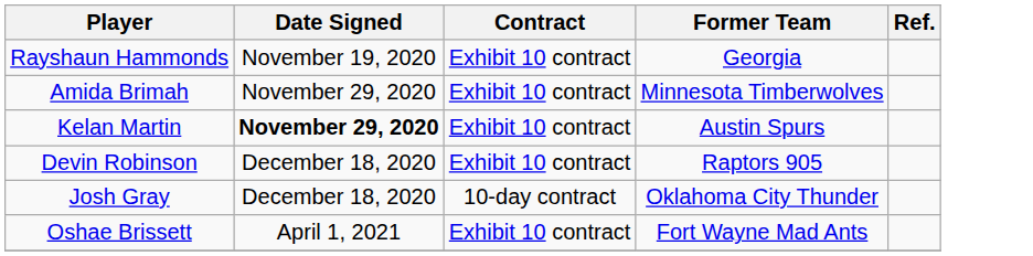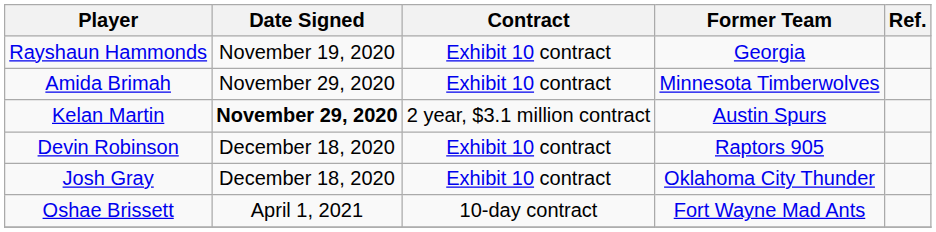 <table class="wikitable sortable sortable" style="text-align: center">
 <tr>
 <th>Player</th>
 <th>Date Signed</th>
 <th>Contract</th>
 <th>Former Team</th>
 <th>Ref.</th>
 </tr>
 <tr>
 <td><a href='#'>Rayshaun Hammonds</a></td>
 <td>November 19, 2020</td>
 <td><a href='#'>Exhibit 10</a> contract</td>
 <td><a href='#'>Georgia</a></td>
 <td></td>
 </tr>
 <tr>
 <td><a href='#'>Amida Brimah</a></td>
 <td>November 29, 2020</td>
 <td><a href='#'>Exhibit 10</a> contract</td>
 <td><a href='#'>Minnesota Timberwolves</a></td>
 <td></td>
 </tr>
 <tr>
 <td><a href='#'>Kelan Martin</a></td>
 <td><strong>November 29, 2020</strong></td>
-<td><a href='#'>Exhibit 10</a> contract</td>
+<td>2 year, $3.1 million contract</td>
 <td><a href='#'>Austin Spurs</a></td>
 <td></td>
 </tr>
 <tr>
 <td><a href='#'>Devin Robinson</a></td>
 <td>December 18, 2020</td>
 <td><a href='#'>Exhibit 10</a> contract</td>
 <td><a href='#'>Raptors 905</a></td>
 <td></td>
 </tr>
 <tr>
 <td><a href='#'>Josh Gray</a></td>
 <td>December 18, 2020</td>
-<td>10-day contract</td>
+<td><a href='#'>Exhibit 10</a> contract</td>
 <td><a href='#'>Oklahoma City Thunder</a></td>
 <td></td>
 </tr>
 <tr>
 <td><a href='#'>Oshae Brissett</a></td>
 <td>April 1, 2021</td>
-<td><a href='#'>Exhibit 10</a> contract</td>
+<td>10-day contract</td>
 <td><a href='#'>Fort Wayne Mad Ants</a></td>
 <td></td>
 </tr>
 <tr>
 </tr>
 </table>
